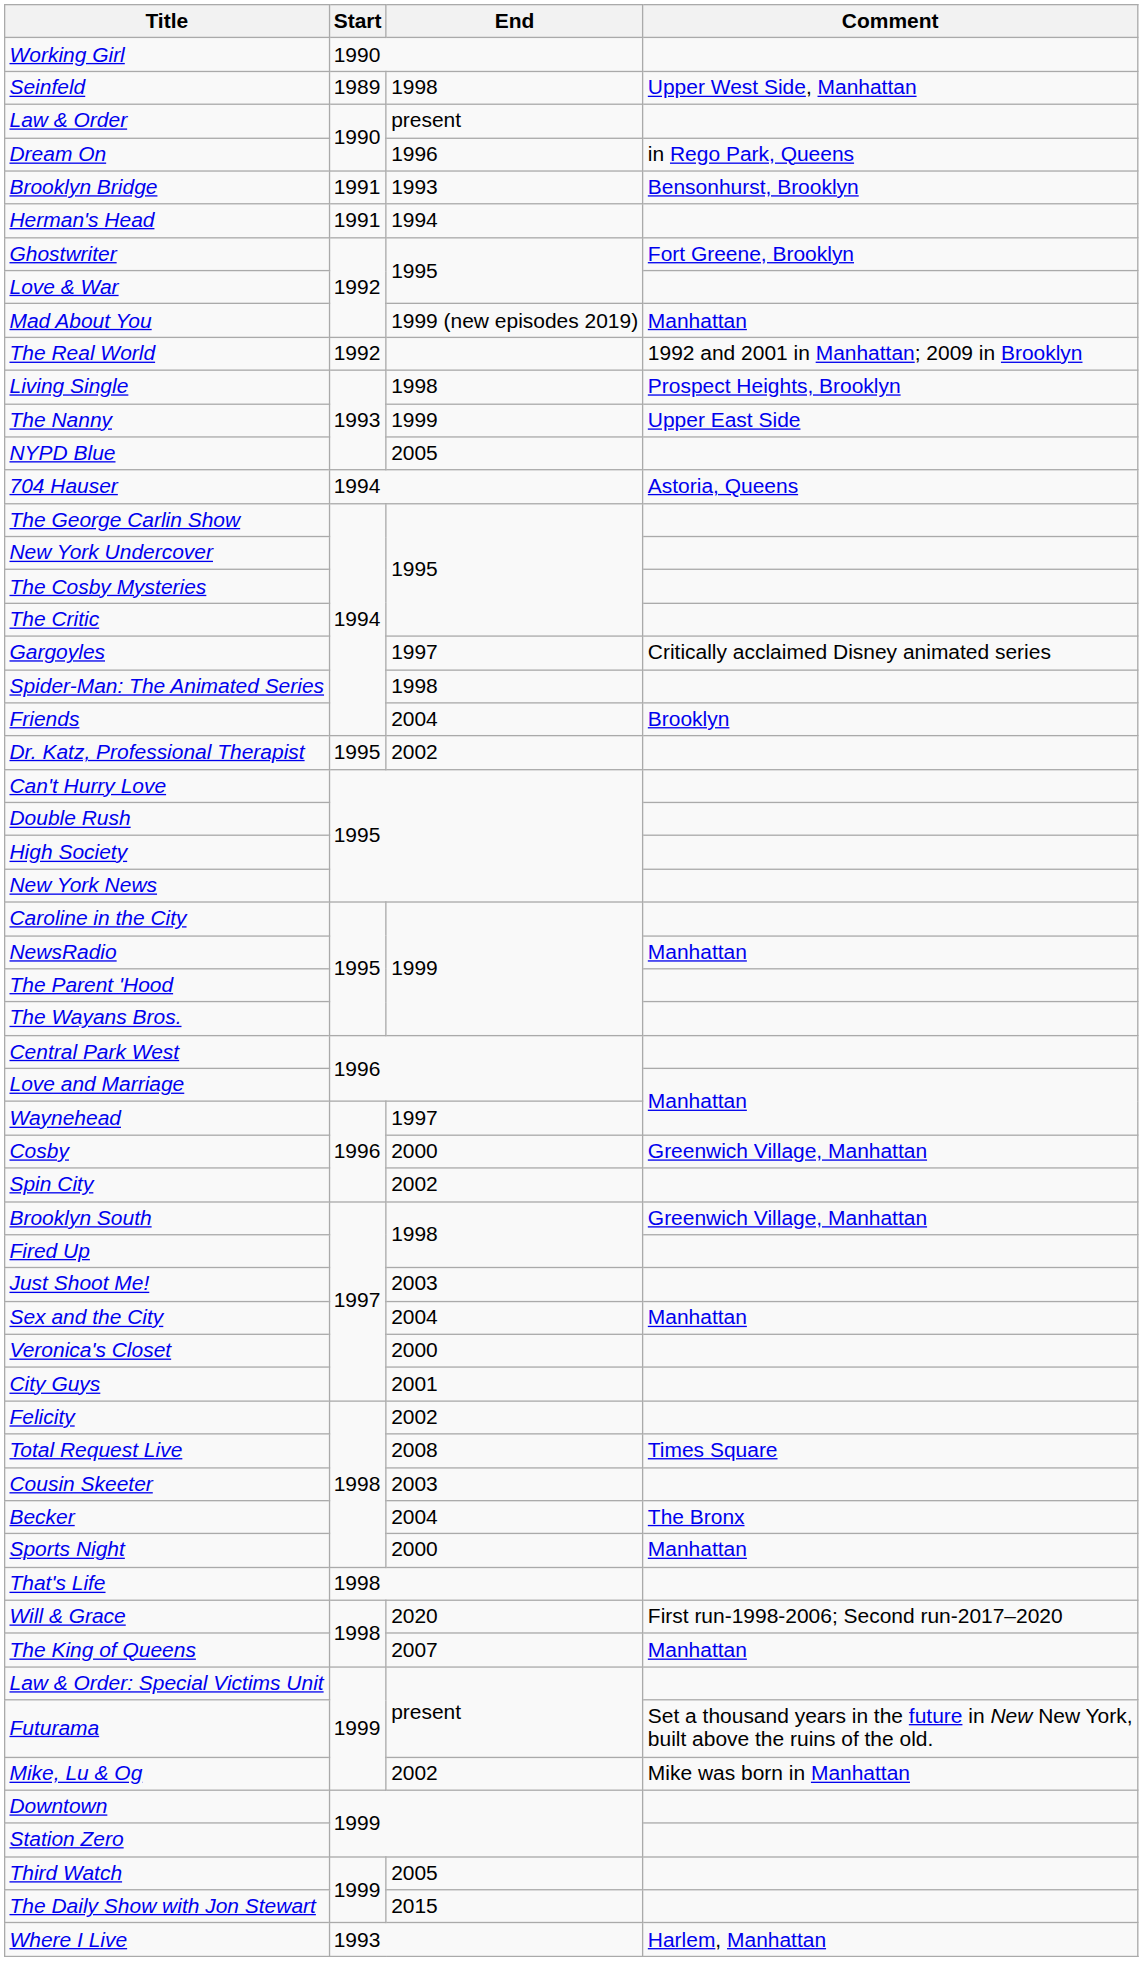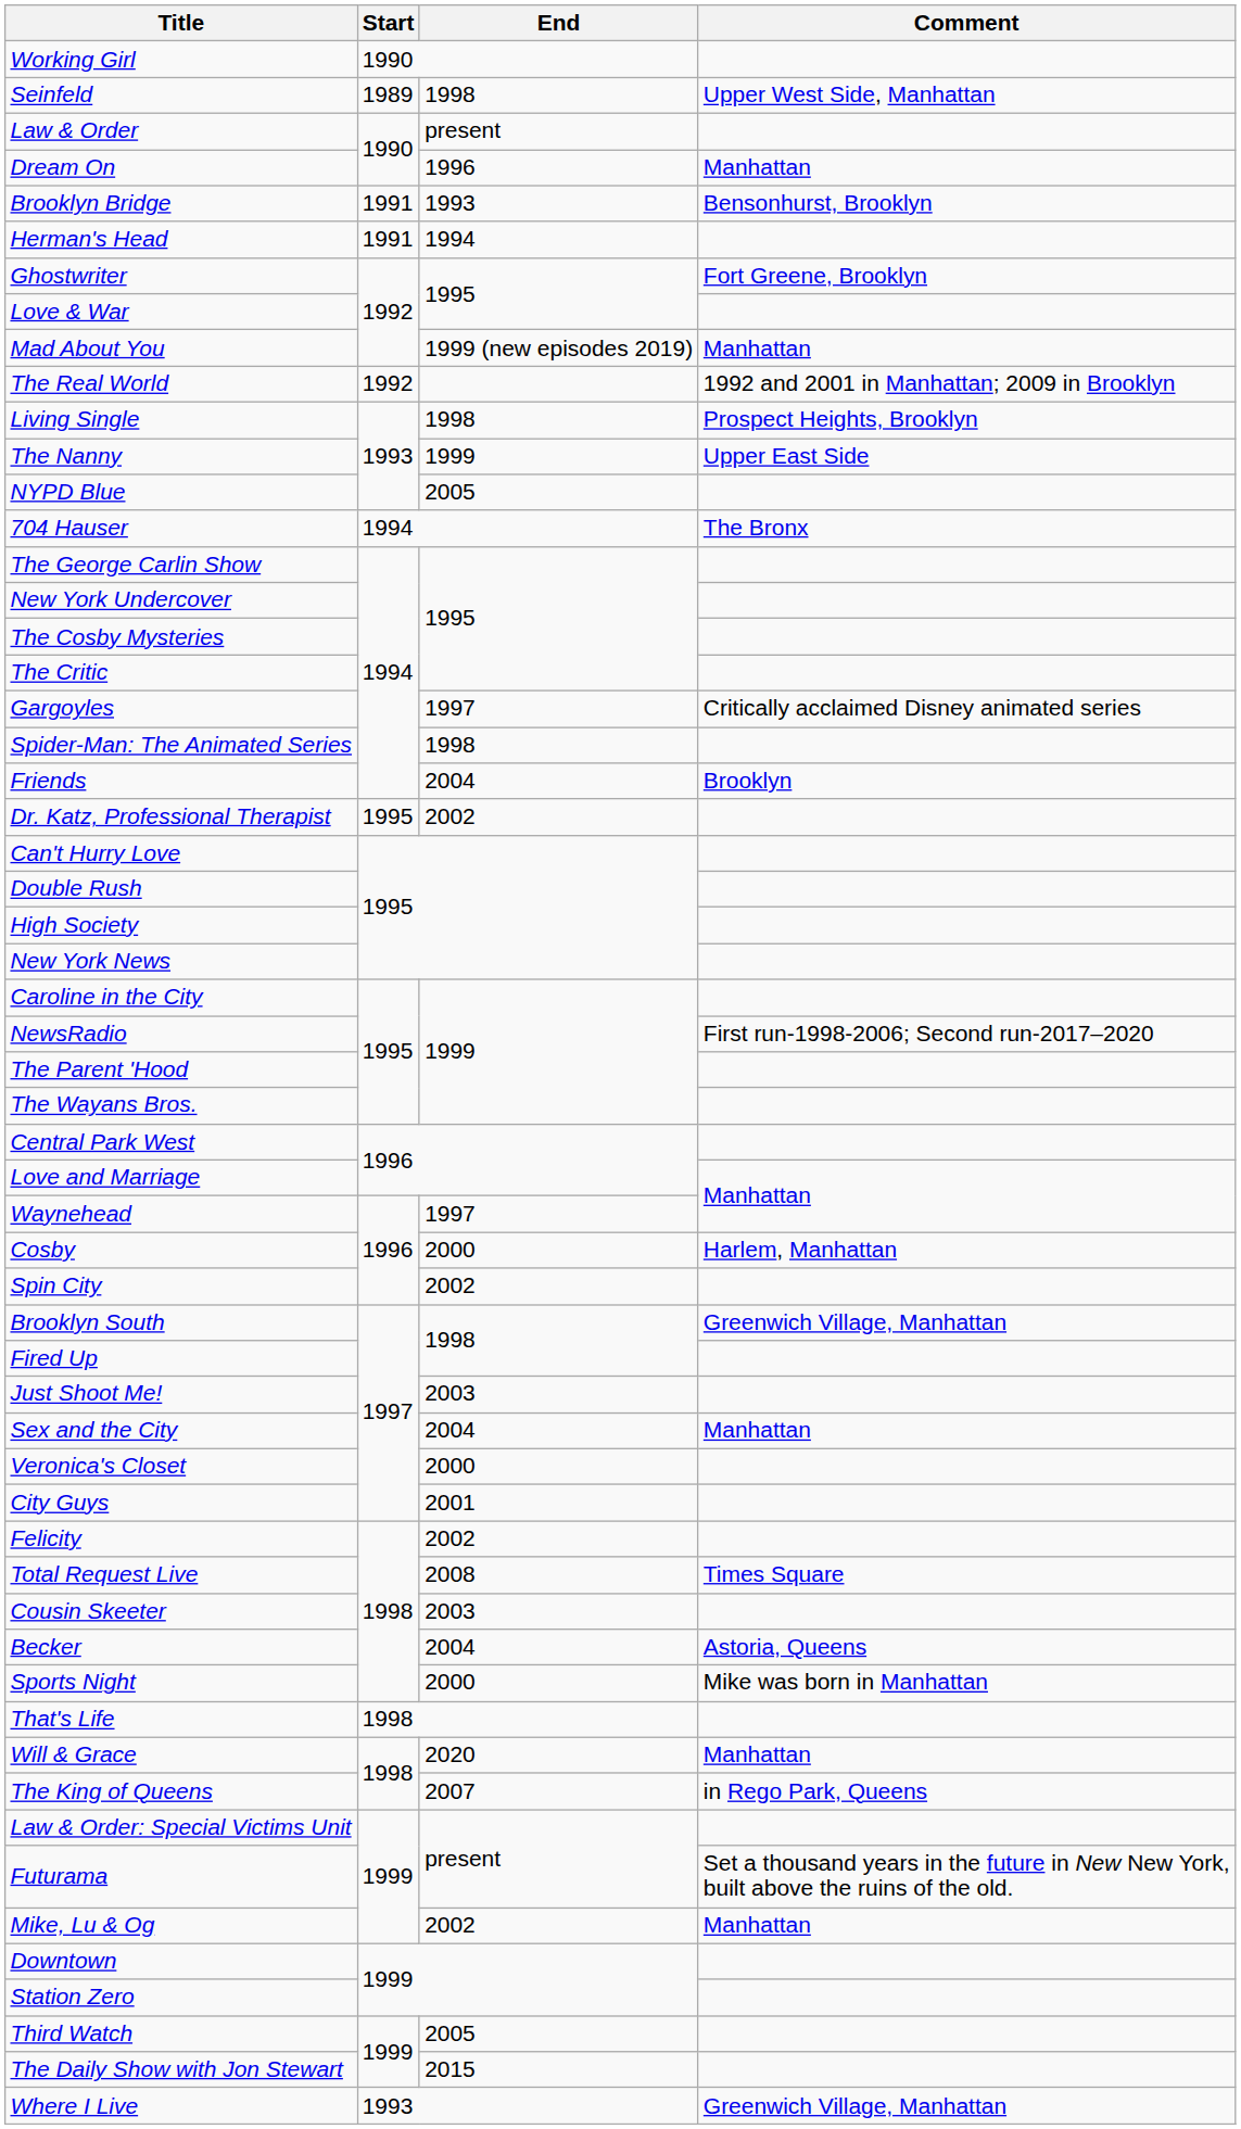 <table class="wikitable sortable">
 <tr>
 <th>Title</th>
 <th>Start</th>
 <th>End</th>
 <th>Comment</th>
 </tr>
 <tr>
 <td><em><a href='#'>Working Girl</a></em></td>
 <td colspan="2">1990</td>
 <td></td>
 </tr>
 <tr>
 <td><em><a href='#'>Seinfeld</a></em></td>
 <td>1989</td>
 <td>1998</td>
 <td><a href='#'>Upper West Side</a>, <a href='#'>Manhattan</a></td>
 </tr>
 <tr>
 <td><em><a href='#'>Law & Order</a></em></td>
 <td rowspan="2">1990</td>
 <td>present</td>
 <td></td>
 </tr>
 <tr>
 <td><em><a href='#'>Dream On</a></em></td>
 <td>1996</td>
-<td>in <a href='#'>Rego Park, Queens</a></td>
+<td><a href='#'>Manhattan</a></td>
 </tr>
 <tr>
 <td><em><a href='#'>Brooklyn Bridge</a></em></td>
 <td>1991</td>
 <td>1993</td>
 <td><a href='#'>Bensonhurst, Brooklyn</a></td>
 </tr>
 <tr>
 <td><em><a href='#'>Herman's Head</a></em></td>
 <td>1991</td>
 <td>1994</td>
 <td></td>
 </tr>
 <tr>
 <td><em><a href='#'>Ghostwriter</a></em></td>
 <td rowspan="3">1992</td>
 <td rowspan="2">1995</td>
 <td><a href='#'>Fort Greene, Brooklyn</a></td>
 </tr>
 <tr>
 <td><em><a href='#'>Love & War</a></em></td>
 <td></td>
 </tr>
 <tr>
 <td><em><a href='#'>Mad About You</a></em></td>
 <td>1999 (new episodes 2019)</td>
 <td><a href='#'>Manhattan</a></td>
 </tr>
 <tr>
 <td><em><a href='#'>The Real World</a></em></td>
 <td>1992</td>
 <td></td>
 <td>1992 and 2001 in <a href='#'>Manhattan</a>; 2009 in <a href='#'>Brooklyn</a></td>
 </tr>
 <tr>
 <td><em><a href='#'>Living Single</a></em></td>
 <td rowspan="3">1993</td>
 <td>1998</td>
 <td><a href='#'>Prospect Heights, Brooklyn</a></td>
 </tr>
 <tr>
 <td><em><a href='#'>The Nanny</a></em></td>
 <td>1999</td>
 <td><a href='#'>Upper East Side</a></td>
 </tr>
 <tr>
 <td><em><a href='#'>NYPD Blue</a></em></td>
 <td>2005</td>
 <td></td>
 </tr>
 <tr>
 <td><em><a href='#'>704 Hauser</a></em></td>
 <td colspan="2">1994</td>
-<td><a href='#'>Astoria, Queens</a></td>
+<td><a href='#'>The Bronx</a></td>
 </tr>
 <tr>
 <td><em><a href='#'>The George Carlin Show</a></em></td>
 <td rowspan="7">1994</td>
 <td rowspan="4">1995</td>
 <td></td>
 </tr>
 <tr>
 <td><em><a href='#'>New York Undercover</a></em></td>
 <td></td>
 </tr>
 <tr>
 <td><em><a href='#'>The Cosby Mysteries</a></em></td>
 <td></td>
 </tr>
 <tr>
 <td><em><a href='#'>The Critic</a></em></td>
 <td></td>
 </tr>
 <tr>
 <td><em><a href='#'>Gargoyles</a></em></td>
 <td>1997</td>
 <td>Critically acclaimed Disney animated series</td>
 </tr>
 <tr>
 <td><em><a href='#'>Spider-Man: The Animated Series</a></em></td>
 <td>1998</td>
 <td></td>
 </tr>
 <tr>
 <td><em><a href='#'>Friends</a></em></td>
 <td>2004</td>
 <td><a href='#'>Brooklyn</a></td>
 </tr>
 <tr>
 <td><em><a href='#'>Dr. Katz, Professional Therapist</a></em></td>
 <td>1995</td>
 <td>2002</td>
 <td></td>
 </tr>
 <tr>
 <td><em><a href='#'>Can't Hurry Love</a></em></td>
 <td colspan="2" rowspan="4">1995</td>
 <td></td>
 </tr>
 <tr>
 <td><em><a href='#'>Double Rush</a></em></td>
 <td></td>
 </tr>
 <tr>
 <td><em><a href='#'>High Society</a></em></td>
 <td></td>
 </tr>
 <tr>
 <td><em><a href='#'>New York News</a></em></td>
 <td></td>
 </tr>
 <tr>
 <td><em><a href='#'>Caroline in the City</a></em></td>
 <td rowspan="4">1995</td>
 <td rowspan="4">1999</td>
 <td></td>
 </tr>
 <tr>
 <td><em><a href='#'>NewsRadio</a></em></td>
-<td><a href='#'>Manhattan</a></td>
+<td>First run-1998-2006; Second run-2017–2020</td>
 </tr>
 <tr>
 <td><em><a href='#'>The Parent 'Hood</a></em></td>
 <td></td>
 </tr>
 <tr>
 <td><em><a href='#'>The Wayans Bros.</a></em></td>
 <td></td>
 </tr>
 <tr>
 <td><em><a href='#'>Central Park West</a></em></td>
 <td colspan="2" rowspan="2">1996</td>
 <td></td>
 </tr>
 <tr>
 <td><em><a href='#'>Love and Marriage</a></em></td>
 <td rowspan="2"><a href='#'>Manhattan</a></td>
 </tr>
 <tr>
 <td><em><a href='#'>Waynehead</a></em></td>
 <td rowspan="3">1996</td>
 <td>1997</td>
 </tr>
 <tr>
 <td><em><a href='#'>Cosby</a></em></td>
 <td>2000</td>
-<td><a href='#'>Greenwich Village, Manhattan</a></td>
+<td><a href='#'>Harlem</a>, <a href='#'>Manhattan</a></td>
 </tr>
 <tr>
 <td><em><a href='#'>Spin City</a></em></td>
 <td>2002</td>
 <td></td>
 </tr>
 <tr>
 <td><em><a href='#'>Brooklyn South</a></em></td>
 <td rowspan="6">1997</td>
 <td rowspan="2">1998</td>
 <td><a href='#'>Greenwich Village, Manhattan</a></td>
 </tr>
 <tr>
 <td><em><a href='#'>Fired Up</a></em></td>
 <td></td>
 </tr>
 <tr>
 <td><em><a href='#'>Just Shoot Me!</a></em></td>
 <td>2003</td>
 <td></td>
 </tr>
 <tr>
 <td><em><a href='#'>Sex and the City</a></em></td>
 <td>2004</td>
 <td><a href='#'>Manhattan</a></td>
 </tr>
 <tr>
 <td><em><a href='#'>Veronica's Closet</a></em></td>
 <td>2000</td>
 <td></td>
 </tr>
 <tr>
 <td><em><a href='#'>City Guys</a></em></td>
 <td>2001</td>
 <td></td>
 </tr>
 <tr>
 <td><em><a href='#'>Felicity</a></em></td>
 <td rowspan="5">1998</td>
 <td>2002</td>
 <td></td>
 </tr>
 <tr>
 <td><em><a href='#'>Total Request Live</a></em></td>
 <td>2008</td>
 <td><a href='#'>Times Square</a></td>
 </tr>
 <tr>
 <td><em><a href='#'>Cousin Skeeter</a></em></td>
 <td>2003</td>
 <td></td>
 </tr>
 <tr>
 <td><em><a href='#'>Becker</a></em></td>
 <td>2004</td>
-<td><a href='#'>The Bronx</a></td>
+<td><a href='#'>Astoria, Queens</a></td>
 </tr>
 <tr>
 <td><em><a href='#'>Sports Night</a></em></td>
 <td>2000</td>
-<td><a href='#'>Manhattan</a></td>
+<td>Mike was born in <a href='#'>Manhattan</a></td>
 </tr>
 <tr>
 <td><em><a href='#'>That's Life</a></em></td>
 <td colspan="2">1998</td>
 <td></td>
 </tr>
 <tr>
 <td><em><a href='#'>Will & Grace</a></em></td>
 <td rowspan="2">1998</td>
 <td>2020</td>
-<td>First run-1998-2006; Second run-2017–2020</td>
+<td><a href='#'>Manhattan</a></td>
 </tr>
 <tr>
 <td><em><a href='#'>The King of Queens</a></em></td>
 <td>2007</td>
-<td><a href='#'>Manhattan</a></td>
+<td>in <a href='#'>Rego Park, Queens</a></td>
 </tr>
 <tr>
 <td><em><a href='#'>Law & Order: Special Victims Unit</a></em></td>
 <td rowspan="3">1999</td>
 <td rowspan="2">present</td>
 <td></td>
 </tr>
 <tr>
 <td><em><a href='#'>Futurama</a></em></td>
 <td>Set a thousand years in the <a href='#'>future</a> in <em>New</em> New York,<br>built above the ruins of the old.</td>
 </tr>
 <tr>
 <td><em><a href='#'>Mike, Lu & Og</a></em></td>
 <td>2002</td>
-<td>Mike was born in <a href='#'>Manhattan</a></td>
+<td><a href='#'>Manhattan</a></td>
 </tr>
 <tr>
 <td><em><a href='#'>Downtown</a></em></td>
 <td colspan="2" rowspan="2">1999</td>
 <td></td>
 </tr>
 <tr>
 <td><em><a href='#'>Station Zero</a></em></td>
 <td></td>
 </tr>
 <tr>
 <td><em><a href='#'>Third Watch</a></em></td>
 <td rowspan="2">1999</td>
 <td>2005</td>
 <td></td>
 </tr>
 <tr>
 <td><em><a href='#'>The Daily Show with Jon Stewart</a></em></td>
 <td>2015</td>
 <td></td>
 </tr>
 <tr>
 <td><em><a href='#'>Where I Live</a></em></td>
 <td colspan="2">1993</td>
-<td><a href='#'>Harlem</a>, <a href='#'>Manhattan</a></td>
+<td><a href='#'>Greenwich Village, Manhattan</a></td>
 </tr>
 <tr>
 </tr>
 </table>
